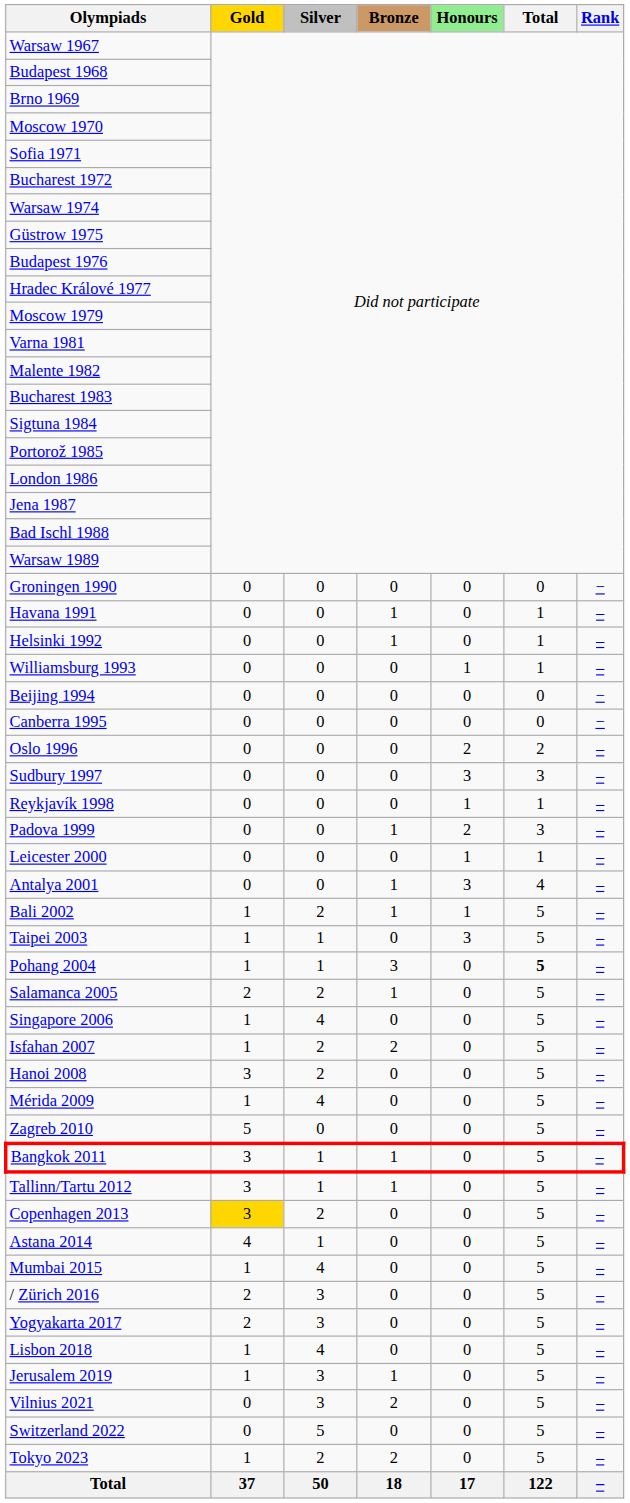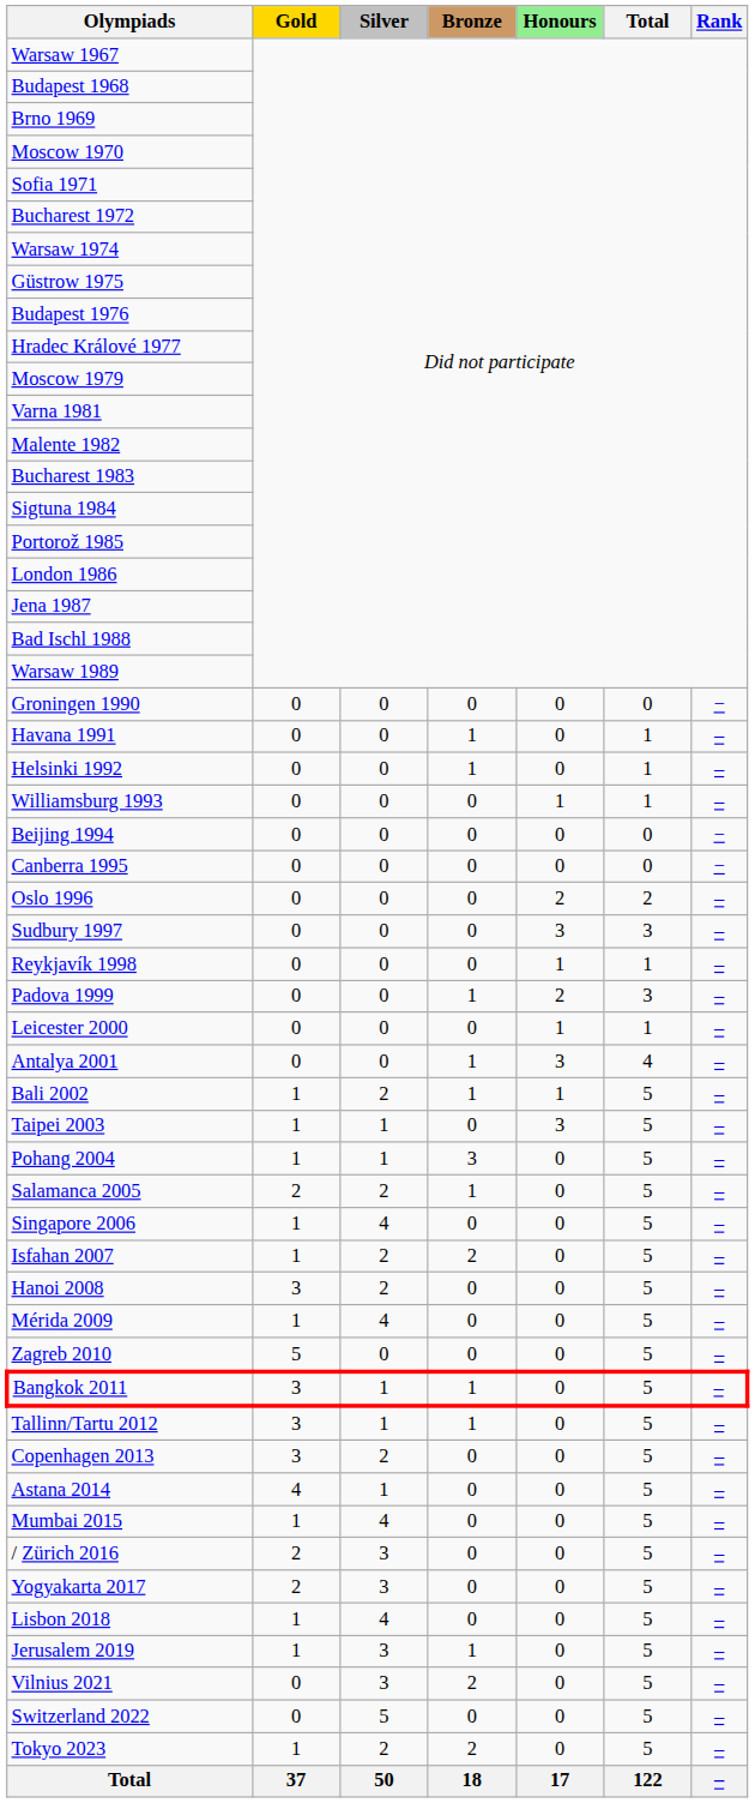 <table class="wikitable" style="text-align:center; font-size:90%;">
 <tr>
 <th style="width:12em;">Olympiads</th>
 <th style="width:4em; background:gold;">Gold</th>
 <th style="width:4em; background:silver;">Silver</th>
 <th style="width:4em; background:#cc9966;">Bronze</th>
 <th style="width:4em; background:#90EE90;">Honours</th>
 <th style="width:4em;">Total</th>
 <th style="width:2em;"><a href='#'>Rank</a></th>
 </tr>
 <tr>
 <td align=left> <a href='#'>Warsaw 1967</a></td>
 <td align=center colspan=6 rowspan="20"><em>Did not participate</em></td>
 </tr>
 <tr>
 <td align=left> <a href='#'>Budapest 1968</a></td>
 </tr>
 <tr>
 <td align=left> <a href='#'>Brno 1969</a></td>
 </tr>
 <tr>
 <td align=left> <a href='#'>Moscow 1970</a></td>
 </tr>
 <tr>
 <td align=left> <a href='#'>Sofia 1971</a></td>
 </tr>
 <tr>
 <td align=left> <a href='#'>Bucharest 1972</a></td>
 </tr>
 <tr>
 <td align=left> <a href='#'>Warsaw 1974</a></td>
 </tr>
 <tr>
 <td align=left> <a href='#'>Güstrow 1975</a></td>
 </tr>
 <tr>
 <td align=left> <a href='#'>Budapest 1976</a></td>
 </tr>
 <tr>
 <td align=left> <a href='#'>Hradec Králové 1977</a></td>
 </tr>
 <tr>
 <td align=left> <a href='#'>Moscow 1979</a></td>
 </tr>
 <tr>
 <td align=left> <a href='#'>Varna 1981</a></td>
 </tr>
 <tr>
 <td align=left> <a href='#'>Malente 1982</a></td>
 </tr>
 <tr>
 <td align=left> <a href='#'>Bucharest 1983</a></td>
 </tr>
 <tr>
 <td align=left> <a href='#'>Sigtuna 1984</a></td>
 </tr>
 <tr>
 <td align=left> <a href='#'>Portorož 1985</a></td>
 </tr>
 <tr>
 <td align=left> <a href='#'>London 1986</a></td>
 </tr>
 <tr>
 <td align=left> <a href='#'>Jena 1987</a></td>
 </tr>
 <tr>
 <td align=left> <a href='#'>Bad Ischl 1988</a></td>
 </tr>
 <tr>
 <td align=left> <a href='#'>Warsaw 1989</a></td>
 </tr>
 <tr>
 <td align=left> <a href='#'>Groningen 1990</a></td>
 <td>0</td>
 <td>0</td>
 <td>0</td>
 <td>0</td>
 <td>0</td>
 <td><a href='#'>−</a></td>
 </tr>
 <tr>
 <td align=left> <a href='#'>Havana 1991</a></td>
 <td>0</td>
 <td>0</td>
 <td>1</td>
 <td>0</td>
 <td>1</td>
 <td><a href='#'>–</a></td>
 </tr>
 <tr>
 <td align=left> <a href='#'>Helsinki 1992</a></td>
 <td>0</td>
 <td>0</td>
 <td>1</td>
 <td>0</td>
 <td>1</td>
 <td><a href='#'>–</a></td>
 </tr>
 <tr>
 <td align=left> <a href='#'>Williamsburg 1993</a></td>
 <td>0</td>
 <td>0</td>
 <td>0</td>
 <td>1</td>
 <td>1</td>
 <td><a href='#'>–</a></td>
 </tr>
 <tr>
 <td align=left> <a href='#'>Beijing 1994</a></td>
 <td>0</td>
 <td>0</td>
 <td>0</td>
 <td>0</td>
 <td>0</td>
 <td><a href='#'>−</a></td>
 </tr>
 <tr>
 <td align=left> <a href='#'>Canberra 1995</a></td>
 <td>0</td>
 <td>0</td>
 <td>0</td>
 <td>0</td>
 <td>0</td>
 <td><a href='#'>−</a></td>
 </tr>
 <tr>
 <td align=left> <a href='#'>Oslo 1996</a></td>
 <td>0</td>
 <td>0</td>
 <td>0</td>
 <td>2</td>
 <td>2</td>
 <td><a href='#'>–</a></td>
 </tr>
 <tr>
 <td align=left> <a href='#'>Sudbury 1997</a></td>
 <td>0</td>
 <td>0</td>
 <td>0</td>
 <td>3</td>
 <td>3</td>
 <td><a href='#'>–</a></td>
 </tr>
 <tr>
 <td align=left> <a href='#'>Reykjavík 1998</a></td>
 <td>0</td>
 <td>0</td>
 <td>0</td>
 <td>1</td>
 <td>1</td>
 <td><a href='#'>–</a></td>
 </tr>
 <tr>
 <td align=left> <a href='#'>Padova 1999</a></td>
 <td>0</td>
 <td>0</td>
 <td>1</td>
 <td>2</td>
 <td>3</td>
 <td><a href='#'>–</a></td>
 </tr>
 <tr>
 <td align=left> <a href='#'>Leicester 2000</a></td>
 <td>0</td>
 <td>0</td>
 <td>0</td>
 <td>1</td>
 <td>1</td>
 <td><a href='#'>–</a></td>
 </tr>
 <tr>
 <td align=left> <a href='#'>Antalya 2001</a></td>
 <td>0</td>
 <td>0</td>
 <td>1</td>
 <td>3</td>
 <td>4</td>
 <td><a href='#'>–</a></td>
 </tr>
 <tr>
 <td align=left> <a href='#'>Bali 2002</a></td>
 <td>1</td>
 <td>2</td>
 <td>1</td>
 <td>1</td>
 <td>5</td>
 <td><a href='#'>–</a></td>
 </tr>
 <tr>
 <td align=left> <a href='#'>Taipei 2003</a></td>
 <td>1</td>
 <td>1</td>
 <td>0</td>
 <td>3</td>
 <td>5</td>
 <td><a href='#'>–</a></td>
 </tr>
 <tr>
 <td align=left> <a href='#'>Pohang 2004</a></td>
 <td>1</td>
 <td>1</td>
 <td>3</td>
 <td>0</td>
-<td><strong>5</strong></td>
+<td>5</td>
 <td><a href='#'>–</a></td>
 </tr>
 <tr>
 <td align=left> <a href='#'>Salamanca 2005</a></td>
 <td>2</td>
 <td>2</td>
 <td>1</td>
 <td>0</td>
 <td>5</td>
 <td><a href='#'>–</a></td>
 </tr>
 <tr>
 <td align=left> <a href='#'>Singapore 2006</a></td>
 <td>1</td>
 <td>4</td>
 <td>0</td>
 <td>0</td>
 <td>5</td>
 <td><a href='#'>–</a></td>
 </tr>
 <tr>
 <td align=left> <a href='#'>Isfahan 2007</a></td>
 <td>1</td>
 <td>2</td>
 <td>2</td>
 <td>0</td>
 <td>5</td>
 <td><a href='#'>–</a></td>
 </tr>
 <tr>
 <td align=left> <a href='#'>Hanoi 2008</a></td>
 <td>3</td>
 <td>2</td>
 <td>0</td>
 <td>0</td>
 <td>5</td>
 <td><a href='#'>–</a></td>
 </tr>
 <tr>
 <td align=left> <a href='#'>Mérida 2009</a></td>
 <td>1</td>
 <td>4</td>
 <td>0</td>
 <td>0</td>
 <td>5</td>
 <td><a href='#'>–</a></td>
 </tr>
 <tr>
 <td align=left> <a href='#'>Zagreb 2010</a></td>
 <td>5</td>
 <td>0</td>
 <td>0</td>
 <td>0</td>
 <td>5</td>
 <td><a href='#'>–</a></td>
 </tr>
 <tr style="border: 3px solid red">
 <td align=left> <a href='#'>Bangkok 2011</a></td>
 <td>3</td>
 <td>1</td>
 <td>1</td>
 <td>0</td>
 <td>5</td>
 <td><a href='#'>–</a></td>
 </tr>
 <tr>
 <td align=left> <a href='#'>Tallinn/Tartu 2012</a></td>
 <td>3</td>
 <td>1</td>
 <td>1</td>
 <td>0</td>
 <td>5</td>
 <td><a href='#'>–</a></td>
 </tr>
 <tr>
 <td align=left> <a href='#'>Copenhagen 2013</a></td>
-<td style="background: gold;">3</td>
+<td>3</td>
 <td>2</td>
 <td>0</td>
 <td>0</td>
 <td>5</td>
 <td><a href='#'>–</a></td>
 </tr>
 <tr>
 <td align=left> <a href='#'>Astana 2014</a></td>
 <td>4</td>
 <td>1</td>
 <td>0</td>
 <td>0</td>
 <td>5</td>
 <td><a href='#'>–</a></td>
 </tr>
 <tr>
 <td align=left> <a href='#'>Mumbai 2015</a></td>
 <td>1</td>
 <td>4</td>
 <td>0</td>
 <td>0</td>
 <td>5</td>
 <td><a href='#'>–</a></td>
 </tr>
 <tr>
 <td align=left>/ <a href='#'>Zürich 2016</a></td>
 <td>2</td>
 <td>3</td>
 <td>0</td>
 <td>0</td>
 <td>5</td>
 <td><a href='#'>–</a></td>
 </tr>
 <tr>
 <td align=left> <a href='#'>Yogyakarta 2017</a></td>
 <td>2</td>
 <td>3</td>
 <td>0</td>
 <td>0</td>
 <td>5</td>
 <td><a href='#'>–</a></td>
 </tr>
 <tr>
 <td align=left> <a href='#'>Lisbon 2018</a></td>
 <td>1</td>
 <td>4</td>
 <td>0</td>
 <td>0</td>
 <td>5</td>
 <td><a href='#'>–</a></td>
 </tr>
 <tr>
 <td align=left> <a href='#'>Jerusalem 2019</a></td>
 <td>1</td>
 <td>3</td>
 <td>1</td>
 <td>0</td>
 <td>5</td>
 <td><a href='#'>–</a></td>
 </tr>
 <tr>
 <td align=left> <a href='#'>Vilnius 2021</a></td>
 <td>0</td>
 <td>3</td>
 <td>2</td>
 <td>0</td>
 <td>5</td>
 <td><a href='#'>–</a></td>
 </tr>
 <tr>
 <td align=left> <a href='#'>Switzerland 2022</a></td>
 <td>0</td>
 <td>5</td>
 <td>0</td>
 <td>0</td>
 <td>5</td>
 <td><a href='#'>–</a></td>
 </tr>
 <tr>
 <td align=left> <a href='#'>Tokyo 2023</a></td>
 <td>1</td>
 <td>2</td>
 <td>2</td>
 <td>0</td>
 <td>5</td>
 <td><a href='#'>–</a></td>
 </tr>
 <tr>
 <th colspan=1>Total</th>
 <th>37</th>
 <th>50</th>
 <th>18</th>
 <th>17</th>
 <th>122</th>
 <th><a href='#'>–</a></th>
 </tr>
 </table>
